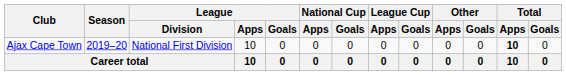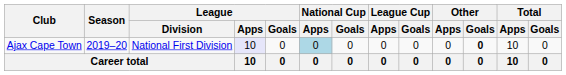 <table class="wikitable" style="text-align: center">
 <tr>
 <th rowspan="2">Club</th>
 <th rowspan="2">Season</th>
 <th colspan="3">League</th>
 <th colspan="2">National Cup</th>
 <th colspan="2">League Cup</th>
 <th colspan="2">Other</th>
 <th colspan="2">Total</th>
 </tr>
 <tr>
 <th>Division</th>
 <th>Apps</th>
 <th>Goals</th>
 <th>Apps</th>
 <th>Goals</th>
 <th>Apps</th>
 <th>Goals</th>
 <th>Apps</th>
 <th>Goals</th>
 <th>Apps</th>
 <th>Goals</th>
 </tr>
 <tr>
 <td><a href='#'>Ajax Cape Town</a></td>
 <td><a href='#'>2019–20</a></td>
 <td><a href='#'>National First Division</a></td>
-<td>10</td>
+<td style="background: lavender;">10</td>
+<td>0</td>
+<td style="background: lightblue;">0</td>
 <td>0</td>
 <td>0</td>
 <td>0</td>
 <td>0</td>
-<td>0</td>
-<td>0</td>
-<td>0</td>
-<td><strong>10</strong></td>
+<td><strong>0</strong></td>
+<td>10</td>
 <td>0</td>
 </tr>
 <tr>
 <th colspan=3>Career total</th>
 <th>10</th>
 <th>0</th>
 <th>0</th>
 <th>0</th>
 <th>0</th>
 <th>0</th>
 <th>0</th>
 <th>0</th>
 <th>10</th>
 <th>0</th>
 </tr>
 </table>
